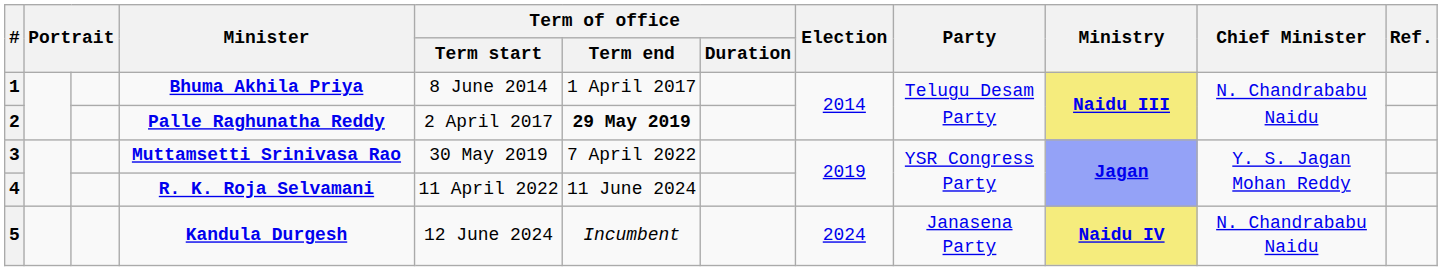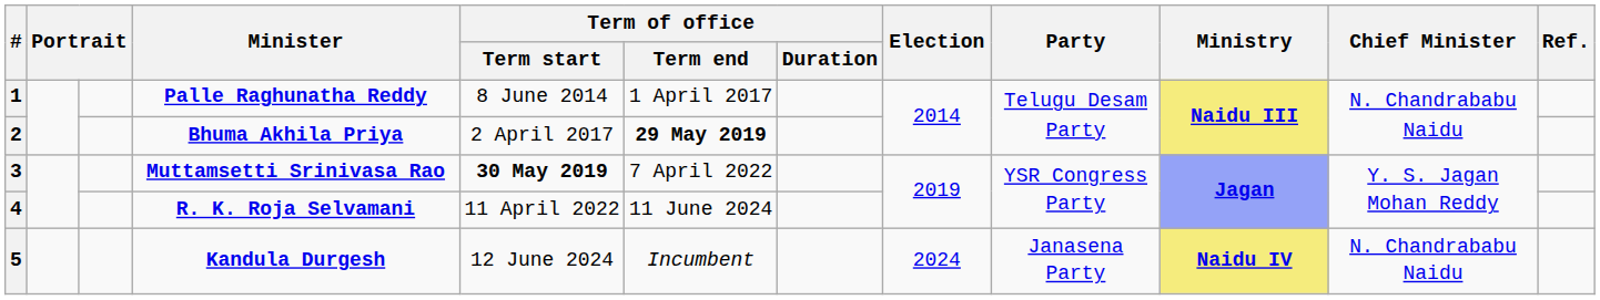 <table class="wikitable" style="line-height:1.4em; text-align:center">
 <tr>
 <th rowspan=2>#</th>
 <th rowspan=2 colspan="2">Portrait</th>
 <th rowspan=2 style="width:16em">Minister<br></th>
 <th colspan="3">Term of office</th>
 <th rowspan=2 style="width:5em">Election<br></th>
 <th rowspan=2 style="width:8em">Party</th>
 <th rowspan=2 style="width:8em">Ministry</th>
 <th rowspan=2 style="width:10em">Chief Minister</th>
 <th rowspan=2>Ref.</th>
 </tr>
 <tr>
 <th>Term start</th>
 <th>Term end</th>
 <th>Duration</th>
 </tr>
 <tr>
 <th>1</th>
 <td rowspan=2></td>
 <td></td>
-<td><strong><a href='#'>Bhuma Akhila Priya</a></strong><br></td>
+<td><strong><a href='#'>Palle Raghunatha Reddy</a></strong><br></td>
 <td>8 June 2014</td>
 <td>1 April 2017</td>
 <td><strong></strong></td>
 <td rowspan=2><a href='#'>2014</a><br></td>
 <td rowspan=2><a href='#'>Telugu Desam Party</a></td>
 <td rowspan=2 bgcolor="#F5EC7D"><strong><a href='#'>Naidu III</a></strong></td>
 <td rowspan=2><a href='#'>N. Chandrababu Naidu</a></td>
 <td></td>
 </tr>
 <tr>
 <th>2</th>
 <td></td>
-<td><strong><a href='#'>Palle Raghunatha Reddy</a></strong><br></td>
+<td><strong><a href='#'>Bhuma Akhila Priya</a></strong><br></td>
 <td>2 April 2017</td>
 <td><strong>29 May 2019</strong></td>
 <td><strong></strong></td>
 <td></td>
 </tr>
 <tr>
 <th>3</th>
 <td rowspan=2></td>
 <td></td>
 <td><strong><a href='#'>Muttamsetti Srinivasa Rao</a></strong><br></td>
-<td>30 May 2019</td>
+<td><strong>30 May 2019</strong></td>
 <td>7 April 2022</td>
 <td><strong></strong></td>
 <td rowspan=2><a href='#'>2019</a><br></td>
 <td rowspan="2"><a href='#'>YSR Congress Party</a></td>
 <td rowspan=2 bgcolor="#94A2F7"><strong><a href='#'>Jagan</a></strong></td>
 <td rowspan="2"><a href='#'>Y. S. Jagan Mohan Reddy</a></td>
 <td></td>
 </tr>
 <tr>
 <th>4</th>
 <td></td>
 <td><strong><a href='#'>R. K. Roja Selvamani</a></strong><br></td>
 <td>11 April 2022</td>
 <td>11 June 2024</td>
 <td><strong></strong></td>
 <td></td>
 </tr>
 <tr>
 <th>5</th>
 <td></td>
 <td></td>
 <td><strong><a href='#'>Kandula Durgesh</a></strong><br></td>
 <td>12 June 2024</td>
 <td><em>Incumbent</em></td>
 <td><strong></strong></td>
 <td><a href='#'>2024</a><br></td>
 <td><a href='#'>Janasena Party</a></td>
 <td bgcolor="#F5EC7D"><strong><a href='#'>Naidu IV</a></strong></td>
 <td><a href='#'>N. Chandrababu Naidu</a></td>
 <td></td>
 </tr>
 </table>
